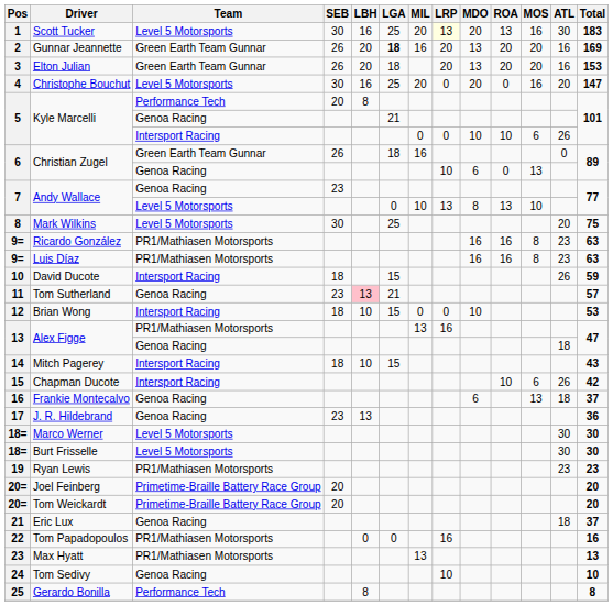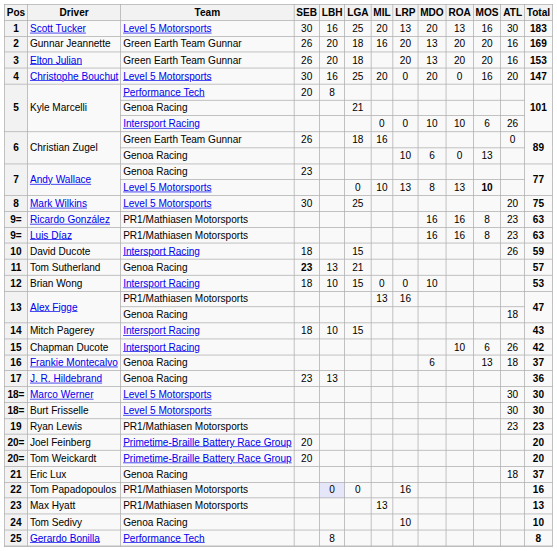 <table class="wikitable" style="font-size: 90%;">
 <tr>
 <th>Pos</th>
 <th>Driver</th>
 <th>Team</th>
 <th>SEB</th>
 <th>LBH</th>
 <th>LGA</th>
 <th>MIL</th>
 <th>LRP</th>
 <th>MDO</th>
 <th>ROA</th>
 <th>MOS</th>
 <th>ATL</th>
 <th>Total</th>
 </tr>
 <tr>
 <th>1</th>
 <td> <a href='#'>Scott Tucker</a></td>
 <td> <a href='#'>Level 5 Motorsports</a></td>
 <td align="center">30</td>
 <td align="center">16</td>
 <td align="center">25</td>
 <td align="center">20</td>
-<td align="center" style="background: lightyellow;">13</td>
+<td align="center">13</td>
 <td align="center">20</td>
 <td align="center">13</td>
 <td align="center">16</td>
 <td align="center">30</td>
 <td align="center"><strong>183</strong></td>
 </tr>
 <tr>
 <th>2</th>
 <td> Gunnar Jeannette</td>
 <td> Green Earth Team Gunnar</td>
 <td align="center">26</td>
 <td align="center">20</td>
-<td align="center"><strong>18</strong></td>
+<td align="center">18</td>
 <td align="center">16</td>
 <td align="center">20</td>
 <td align="center">13</td>
 <td align="center">20</td>
 <td align="center">20</td>
 <td align="center">16</td>
 <td align="center"><strong>169</strong></td>
 </tr>
 <tr>
 <th>3</th>
 <td> <a href='#'>Elton Julian</a></td>
 <td> Green Earth Team Gunnar</td>
 <td align="center">26</td>
 <td align="center">20</td>
 <td align="center">18</td>
 <td></td>
 <td align="center">20</td>
 <td align="center">13</td>
 <td align="center">20</td>
 <td align="center">20</td>
 <td align="center">16</td>
 <td align="center"><strong>153</strong></td>
 </tr>
 <tr>
 <th>4</th>
 <td> <a href='#'>Christophe Bouchut</a></td>
 <td> <a href='#'>Level 5 Motorsports</a></td>
 <td align="center">30</td>
 <td align="center">16</td>
 <td align="center">25</td>
 <td align="center">20</td>
 <td align="center">0</td>
 <td align="center">20</td>
 <td align="center">0</td>
 <td align="center">16</td>
 <td align="center">20</td>
 <td align="center"><strong>147</strong></td>
 </tr>
 <tr>
 <th rowspan=3>5</th>
 <td rowspan=3> Kyle Marcelli</td>
 <td> <a href='#'>Performance Tech</a></td>
 <td align="center">20</td>
 <td align="center">8</td>
 <td></td>
 <td></td>
 <td></td>
 <td></td>
 <td></td>
 <td></td>
 <td></td>
 <td rowspan=3 align="center"><strong>101</strong></td>
 </tr>
 <tr>
 <td> Genoa Racing</td>
 <td></td>
 <td></td>
 <td align="center">21</td>
 <td></td>
 <td></td>
 <td></td>
 <td></td>
 <td></td>
 <td></td>
 </tr>
 <tr>
 <td> <a href='#'>Intersport Racing</a></td>
 <td></td>
 <td></td>
 <td></td>
 <td align="center">0</td>
 <td align="center">0</td>
 <td align="center">10</td>
 <td align="center">10</td>
 <td align="center">6</td>
 <td align="center">26</td>
 </tr>
 <tr>
 <th rowspan=2>6</th>
 <td rowspan=2> Christian Zugel</td>
 <td> Green Earth Team Gunnar</td>
 <td align="center">26</td>
 <td></td>
 <td align="center">18</td>
 <td align="center">16</td>
 <td></td>
 <td></td>
 <td></td>
 <td></td>
 <td align="center">0</td>
 <td rowspan=2 align="center"><strong>89</strong></td>
 </tr>
 <tr>
 <td> Genoa Racing</td>
 <td></td>
 <td></td>
 <td></td>
 <td></td>
 <td align="center">10</td>
 <td align="center">6</td>
 <td align="center">0</td>
 <td align="center">13</td>
 <td></td>
 </tr>
 <tr>
 <th rowspan=2>7</th>
 <td rowspan=2> <a href='#'>Andy Wallace</a></td>
 <td> Genoa Racing</td>
 <td align="center">23</td>
 <td></td>
 <td></td>
 <td></td>
 <td></td>
 <td></td>
 <td></td>
 <td></td>
 <td></td>
 <td rowspan=2 align="center"><strong>77</strong></td>
 </tr>
 <tr>
 <td> <a href='#'>Level 5 Motorsports</a></td>
 <td></td>
 <td></td>
 <td align="center">0</td>
 <td align="center">10</td>
 <td align="center">13</td>
 <td align="center">8</td>
 <td align="center">13</td>
-<td align="center">10</td>
+<td align="center"><strong>10</strong></td>
 <td></td>
 </tr>
 <tr>
 <th>8</th>
 <td> <a href='#'>Mark Wilkins</a></td>
 <td> <a href='#'>Level 5 Motorsports</a></td>
 <td align="center">30</td>
 <td></td>
 <td align="center">25</td>
 <td></td>
 <td></td>
 <td></td>
 <td></td>
 <td></td>
 <td align="center">20</td>
 <td align="center"><strong>75</strong></td>
 </tr>
 <tr>
 <th>9=</th>
 <td> <a href='#'>Ricardo González</a></td>
 <td> PR1/Mathiasen Motorsports</td>
 <td></td>
 <td></td>
 <td></td>
 <td></td>
 <td></td>
 <td align="center">16</td>
 <td align="center">16</td>
 <td align="center">8</td>
 <td align="center">23</td>
 <td align="center"><strong>63</strong></td>
 </tr>
 <tr>
 <th>9=</th>
 <td> <a href='#'>Luis Díaz</a></td>
 <td> PR1/Mathiasen Motorsports</td>
 <td></td>
 <td></td>
 <td></td>
 <td></td>
 <td></td>
 <td align="center">16</td>
 <td align="center">16</td>
 <td align="center">8</td>
 <td align="center">23</td>
 <td align="center"><strong>63</strong></td>
 </tr>
 <tr>
 <th>10</th>
 <td> David Ducote</td>
 <td> <a href='#'>Intersport Racing</a></td>
 <td align="center">18</td>
 <td></td>
 <td align="center">15</td>
 <td></td>
 <td></td>
 <td></td>
 <td></td>
 <td></td>
 <td align="center">26</td>
 <td align="center"><strong>59</strong></td>
 </tr>
 <tr>
 <th>11</th>
 <td> Tom Sutherland</td>
 <td> Genoa Racing</td>
-<td align="center">23</td>
-<td align="center" style="background: pink;">13</td>
+<td align="center"><strong>23</strong></td>
+<td align="center">13</td>
 <td align="center">21</td>
 <td></td>
 <td></td>
 <td></td>
 <td></td>
 <td></td>
 <td></td>
 <td align="center"><strong>57</strong></td>
 </tr>
 <tr>
 <th>12</th>
 <td> Brian Wong</td>
 <td> <a href='#'>Intersport Racing</a></td>
 <td align="center">18</td>
 <td align="center">10</td>
 <td align="center">15</td>
 <td align="center">0</td>
 <td align="center">0</td>
 <td align="center">10</td>
 <td></td>
 <td></td>
 <td></td>
 <td align="center"><strong>53</strong></td>
 </tr>
 <tr>
 <th rowspan=2>13</th>
 <td rowspan=2> <a href='#'>Alex Figge</a></td>
 <td> PR1/Mathiasen Motorsports</td>
 <td></td>
 <td></td>
 <td></td>
 <td align="center">13</td>
 <td align="center">16</td>
 <td></td>
 <td></td>
 <td></td>
 <td></td>
 <td rowspan=2 align="center"><strong>47</strong></td>
 </tr>
 <tr>
 <td> Genoa Racing</td>
 <td></td>
 <td></td>
 <td></td>
 <td></td>
 <td></td>
 <td></td>
 <td></td>
 <td></td>
 <td align="center">18</td>
 </tr>
 <tr>
 <th>14</th>
 <td> Mitch Pagerey</td>
 <td> <a href='#'>Intersport Racing</a></td>
 <td align="center">18</td>
 <td align="center">10</td>
 <td align="center">15</td>
 <td></td>
 <td></td>
 <td></td>
 <td></td>
 <td></td>
 <td></td>
 <td align="center"><strong>43</strong></td>
 </tr>
 <tr>
 <th>15</th>
 <td> Chapman Ducote</td>
 <td> <a href='#'>Intersport Racing</a></td>
 <td></td>
 <td></td>
 <td></td>
 <td></td>
 <td></td>
 <td></td>
 <td align="center">10</td>
 <td align="center">6</td>
 <td align="center">26</td>
 <td align="center"><strong>42</strong></td>
 </tr>
 <tr>
 <th>16</th>
 <td> <a href='#'>Frankie Montecalvo</a></td>
 <td> Genoa Racing</td>
 <td></td>
 <td></td>
 <td></td>
 <td></td>
 <td></td>
 <td align="center">6</td>
 <td></td>
 <td align="center">13</td>
 <td align="center">18</td>
 <td align="center"><strong>37</strong></td>
 </tr>
 <tr>
 <th>17</th>
 <td> <a href='#'>J. R. Hildebrand</a></td>
 <td> Genoa Racing</td>
 <td align="center">23</td>
 <td align="center">13</td>
 <td></td>
 <td></td>
 <td></td>
 <td></td>
 <td></td>
 <td></td>
 <td></td>
 <td align="center"><strong>36</strong></td>
 </tr>
 <tr>
 <th>18=</th>
 <td> <a href='#'>Marco Werner</a></td>
 <td> <a href='#'>Level 5 Motorsports</a></td>
 <td></td>
 <td></td>
 <td></td>
 <td></td>
 <td></td>
 <td></td>
 <td></td>
 <td></td>
 <td align="center">30</td>
 <td align="center"><strong>30</strong></td>
 </tr>
 <tr>
 <th>18=</th>
 <td> Burt Frisselle</td>
 <td> <a href='#'>Level 5 Motorsports</a></td>
 <td></td>
 <td></td>
 <td></td>
 <td></td>
 <td></td>
 <td></td>
 <td></td>
 <td></td>
 <td align="center">30</td>
 <td align="center"><strong>30</strong></td>
 </tr>
 <tr>
 <th>19</th>
 <td> Ryan Lewis</td>
 <td> PR1/Mathiasen Motorsports</td>
 <td></td>
 <td></td>
 <td></td>
 <td></td>
 <td></td>
 <td></td>
 <td></td>
 <td></td>
 <td align="center">23</td>
 <td align="center"><strong>23</strong></td>
 </tr>
 <tr>
 <th>20=</th>
 <td> Joel Feinberg</td>
 <td> <a href='#'>Primetime-Braille Battery Race Group</a></td>
 <td align="center">20</td>
 <td></td>
 <td></td>
 <td></td>
 <td></td>
 <td></td>
 <td></td>
 <td></td>
 <td></td>
 <td align="center"><strong>20</strong></td>
 </tr>
 <tr>
 <th>20=</th>
 <td> Tom Weickardt</td>
 <td> <a href='#'>Primetime-Braille Battery Race Group</a></td>
 <td align="center">20</td>
 <td></td>
 <td></td>
 <td></td>
 <td></td>
 <td></td>
 <td></td>
 <td></td>
 <td></td>
 <td align="center"><strong>20</strong></td>
 </tr>
 <tr>
 <th>21</th>
 <td> Eric Lux</td>
 <td> Genoa Racing</td>
 <td></td>
 <td></td>
 <td></td>
 <td></td>
 <td></td>
 <td></td>
 <td></td>
 <td></td>
 <td align="center">18</td>
 <td align="center"><strong>37</strong></td>
 </tr>
 <tr>
 <th>22</th>
 <td> Tom Papadopoulos</td>
 <td> PR1/Mathiasen Motorsports</td>
 <td></td>
-<td align="center">0</td>
+<td align="center" style="background: lavender;">0</td>
 <td align="center">0</td>
 <td></td>
 <td align="center">16</td>
 <td></td>
 <td></td>
 <td></td>
 <td></td>
 <td align="center"><strong>16</strong></td>
 </tr>
 <tr>
 <th>23</th>
 <td> Max Hyatt</td>
 <td> PR1/Mathiasen Motorsports</td>
 <td></td>
 <td></td>
 <td></td>
 <td align="center">13</td>
 <td></td>
 <td></td>
 <td></td>
 <td></td>
 <td></td>
 <td align="center"><strong>13</strong></td>
 </tr>
 <tr>
 <th>24</th>
 <td> Tom Sedivy</td>
 <td> Genoa Racing</td>
 <td></td>
 <td></td>
 <td></td>
 <td></td>
 <td align="center">10</td>
 <td></td>
 <td></td>
 <td></td>
 <td></td>
 <td align="center"><strong>10</strong></td>
 </tr>
 <tr>
 <th>25</th>
 <td> <a href='#'>Gerardo Bonilla</a></td>
 <td> <a href='#'>Performance Tech</a></td>
 <td></td>
 <td align="center">8</td>
 <td></td>
 <td></td>
 <td></td>
 <td></td>
 <td></td>
 <td></td>
 <td></td>
 <td align="center"><strong>8</strong></td>
 </tr>
 <tr>
 </tr>
 </table>
